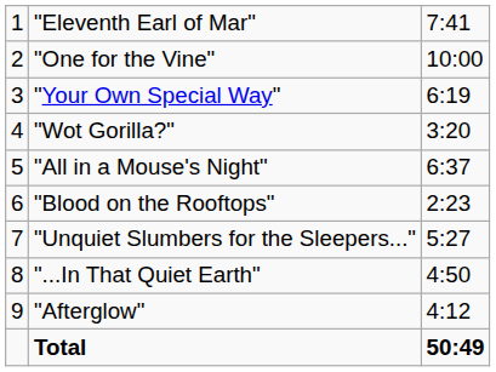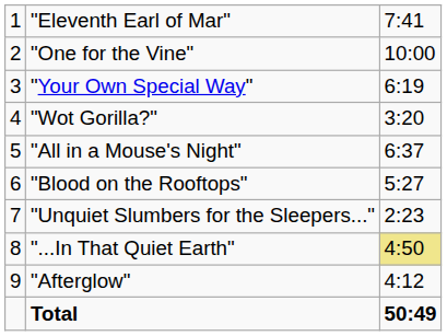 <table class="wikitable">
 <tr>
 <td>1</td>
 <td>"Eleventh Earl of Mar"</td>
 <td>7:41</td>
 </tr>
 <tr>
 <td>2</td>
 <td>"One for the Vine"</td>
 <td>10:00</td>
 </tr>
 <tr>
 <td>3</td>
 <td>"<a href='#'>Your Own Special Way</a>"</td>
 <td>6:19</td>
 </tr>
 <tr>
 <td>4</td>
 <td>"Wot Gorilla?"</td>
 <td>3:20</td>
 </tr>
 <tr>
 <td>5</td>
 <td>"All in a Mouse's Night"</td>
 <td>6:37</td>
 </tr>
 <tr>
 <td>6</td>
 <td>"Blood on the Rooftops"</td>
-<td>2:23</td>
+<td>5:27</td>
 </tr>
 <tr>
 <td>7</td>
 <td>"Unquiet Slumbers for the Sleepers..."</td>
-<td>5:27</td>
+<td>2:23</td>
 </tr>
 <tr>
 <td>8</td>
 <td>"...In That Quiet Earth"</td>
-<td>4:50</td>
+<td style="background: khaki;">4:50</td>
 </tr>
 <tr>
 <td>9</td>
 <td>"Afterglow"</td>
 <td>4:12</td>
 </tr>
 <tr>
 <td></td>
 <td><strong>Total</strong></td>
 <td><strong>50:49</strong></td>
 </tr>
 </table>
